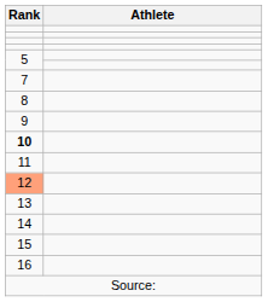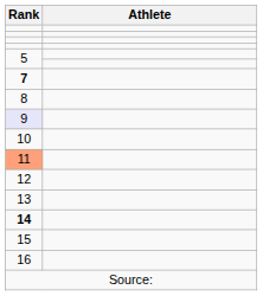 <table class="wikitable" style="text-align: center;">
 <tr>
 <th width=40>Rank</th>
 <th width=262>Athlete</th>
 </tr>
 <tr>
 <td></td>
 <td align=left></td>
 </tr>
 <tr>
 <td></td>
 <td align=left></td>
 </tr>
 <tr>
 <td></td>
 <td align=left></td>
 </tr>
 <tr>
 <td></td>
 <td align=left></td>
 </tr>
 <tr>
 <td rowspan=2>5</td>
 <td align=left></td>
 </tr>
 <tr>
 <td align=left></td>
 </tr>
 <tr>
-<td>7</td>
+<td><strong>7</strong></td>
 <td align=left></td>
 </tr>
 <tr>
 <td>8</td>
 <td align=left></td>
 </tr>
 <tr>
-<td>9</td>
+<td style="background: lavender;">9</td>
 <td align=left></td>
 </tr>
 <tr>
-<td><strong>10</strong></td>
+<td>10</td>
 <td align=left></td>
 </tr>
 <tr>
-<td>11</td>
+<td style="background: lightsalmon;">11</td>
 <td align=left></td>
 </tr>
 <tr>
-<td style="background: lightsalmon;">12</td>
+<td>12</td>
 <td align=left></td>
 </tr>
 <tr>
 <td>13</td>
 <td align=left></td>
 </tr>
 <tr>
-<td>14</td>
+<td><strong>14</strong></td>
 <td align=left></td>
 </tr>
 <tr>
 <td>15</td>
 <td align=left></td>
 </tr>
 <tr>
 <td>16</td>
 <td align=left></td>
 </tr>
 <tr>
 <td colspan="2">Source:</td>
 </tr>
 </table>
